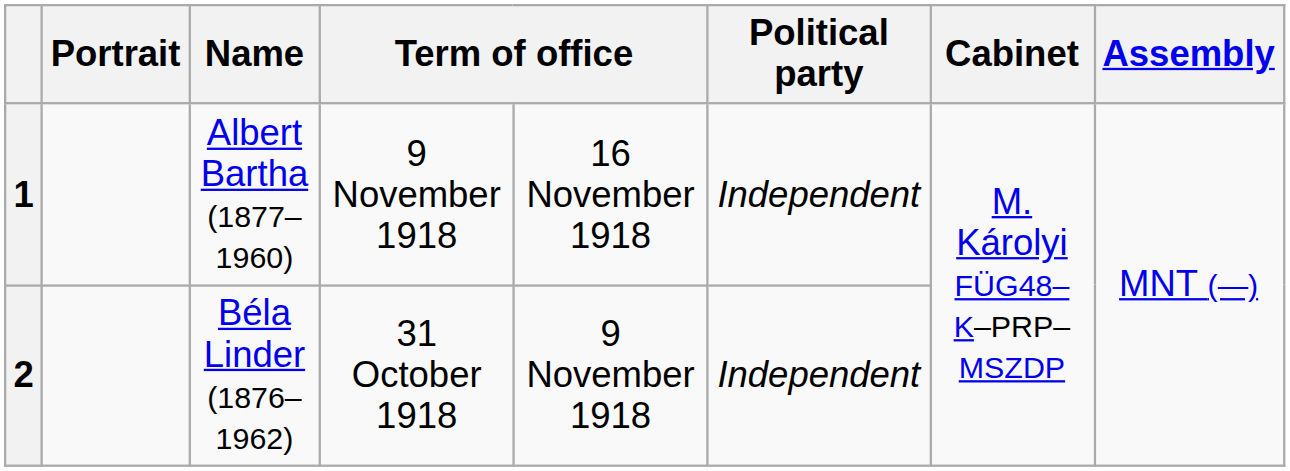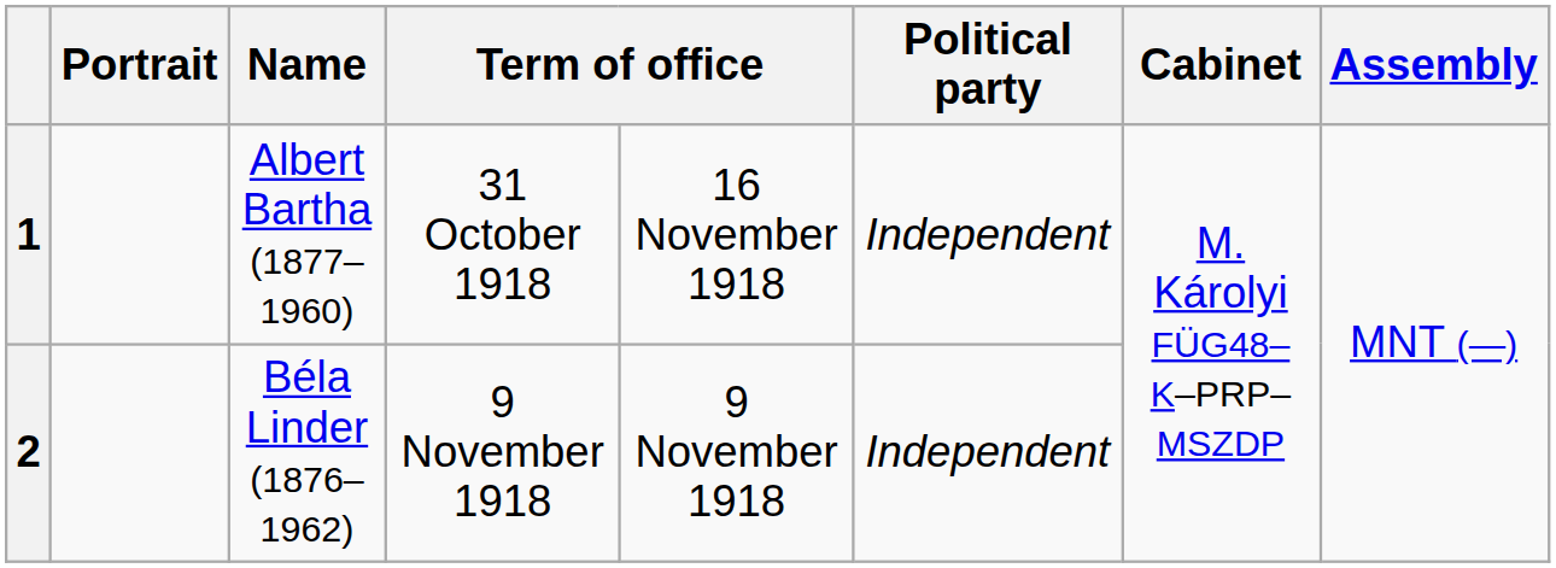 <table class="wikitable" style="width:90%; text-align:center;">
 <tr>
 <th></th>
 <th>Portrait</th>
 <th>Name<br></th>
 <th colspan=2>Term of office</th>
 <th>Political party</th>
 <th>Cabinet</th>
 <th><a href='#'>Assembly</a><br></th>
 </tr>
 <tr>
 <th style="background:">1</th>
 <td></td>
 <td><a href='#'>Albert Bartha</a><br><small>(1877–1960)</small></td>
-<td>9 November 1918</td>
+<td>31 October 1918</td>
 <td>16 November 1918</td>
 <td><em>Independent</em></td>
 <td rowspan="2"><a href='#'>M. Károlyi</a><br><small><a href='#'>FÜG48–K</a>–PRP–<a href='#'>MSZDP</a></small></td>
 <td rowspan="2"><a href='#'>MNT <small>(—)</small></a></td>
 </tr>
 <tr>
 <th style="background:">2</th>
 <td></td>
 <td><a href='#'>Béla Linder</a><br><small>(1876–1962)</small></td>
-<td>31 October 1918</td>
+<td>9 November 1918</td>
 <td>9 November 1918</td>
 <td><em>Independent</em></td>
 </tr>
 </table>
